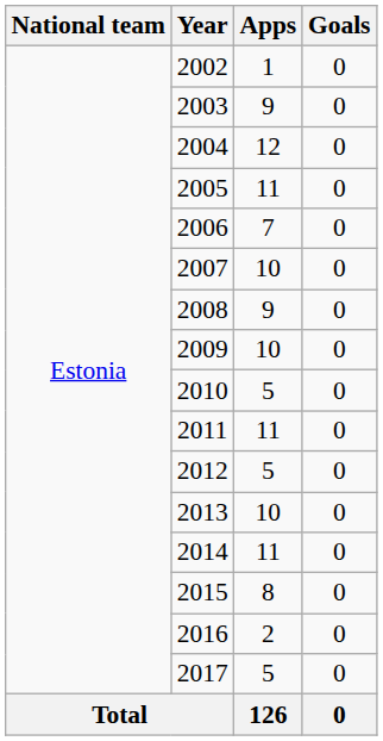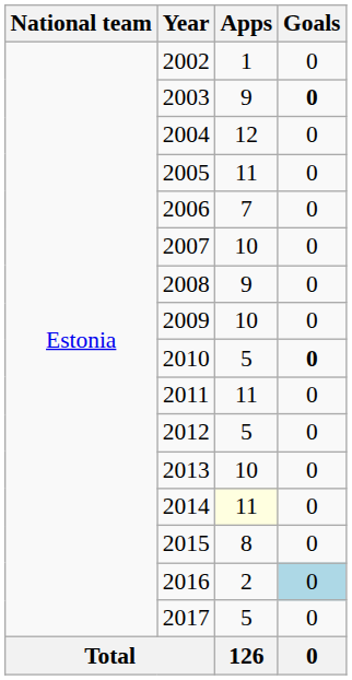 <table class="wikitable" style="text-align:center;">
 <tr>
 <th>National team</th>
 <th>Year</th>
 <th>Apps</th>
 <th>Goals</th>
 </tr>
 <tr>
 <td rowspan="16"><a href='#'>Estonia</a></td>
 <td>2002</td>
 <td>1</td>
 <td>0</td>
 </tr>
 <tr>
 <td>2003</td>
 <td>9</td>
-<td>0</td>
+<td><strong>0</strong></td>
 </tr>
 <tr>
 <td>2004</td>
 <td>12</td>
 <td>0</td>
 </tr>
 <tr>
 <td>2005</td>
 <td>11</td>
 <td>0</td>
 </tr>
 <tr>
 <td>2006</td>
 <td>7</td>
 <td>0</td>
 </tr>
 <tr>
 <td>2007</td>
 <td>10</td>
 <td>0</td>
 </tr>
 <tr>
 <td>2008</td>
 <td>9</td>
 <td>0</td>
 </tr>
 <tr>
 <td>2009</td>
 <td>10</td>
 <td>0</td>
 </tr>
 <tr>
 <td>2010</td>
 <td>5</td>
-<td>0</td>
+<td><strong>0</strong></td>
 </tr>
 <tr>
 <td>2011</td>
 <td>11</td>
 <td>0</td>
 </tr>
 <tr>
 <td>2012</td>
 <td>5</td>
 <td>0</td>
 </tr>
 <tr>
 <td>2013</td>
 <td>10</td>
 <td>0</td>
 </tr>
 <tr>
 <td>2014</td>
-<td>11</td>
+<td style="background: lightyellow;">11</td>
 <td>0</td>
 </tr>
 <tr>
 <td>2015</td>
 <td>8</td>
 <td>0</td>
 </tr>
 <tr>
 <td>2016</td>
 <td>2</td>
-<td>0</td>
+<td style="background: lightblue;">0</td>
 </tr>
 <tr>
 <td>2017</td>
 <td>5</td>
 <td>0</td>
 </tr>
 <tr>
 <th colspan="2">Total</th>
 <th>126</th>
 <th>0</th>
 </tr>
 </table>
